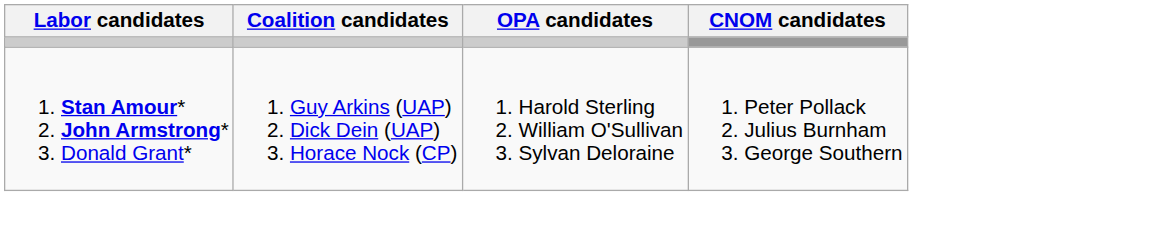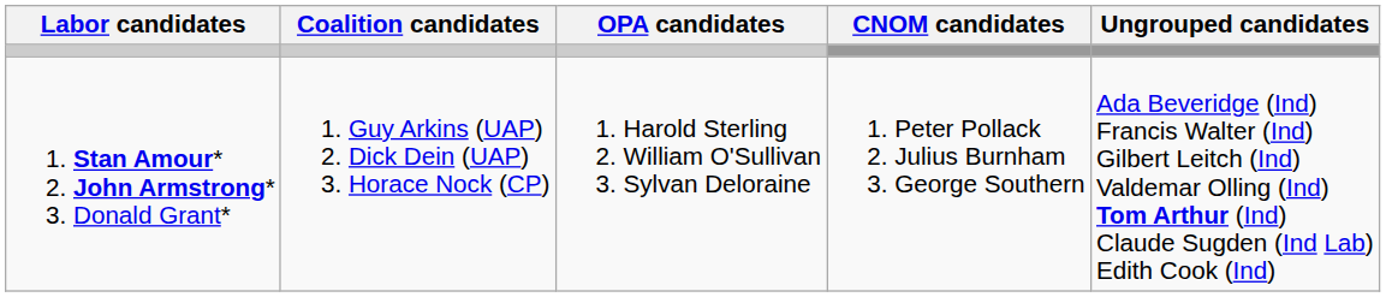 <table class="wikitable">
 <tr>
 <th><a href='#'>Labor</a> candidates</th>
 <th><a href='#'>Coalition</a> candidates</th>
 <th><a href='#'>OPA</a> candidates</th>
 <th><a href='#'>CNOM</a> candidates</th>
+<th>Ungrouped candidates</th>
 </tr>
 <tr bgcolor="#cccccc">
 <td></td>
 <td></td>
 <td></td>
+<td bgcolor="#999999"></td>
 <td bgcolor="#999999"></td>
 </tr>
 <tr>
 <td><br><ol><li><strong><a href='#'>Stan Amour</a></strong>*</li><li><strong><a href='#'>John Armstrong</a></strong>*</li><li><a href='#'>Donald Grant</a>*</li></ol></td>
 <td valign=top><br><ol><li><a href='#'>Guy Arkins</a> (<a href='#'>UAP</a>)</li><li><a href='#'>Dick Dein</a> (<a href='#'>UAP</a>)</li><li><a href='#'>Horace Nock</a> (<a href='#'>CP</a>)</li></ol></td>
 <td valign=top><br><ol><li>Harold Sterling</li><li>William O'Sullivan</li><li>Sylvan Deloraine</li></ol></td>
 <td valign=top><br><ol><li>Peter Pollack</li><li>Julius Burnham</li><li>George Southern</li></ol></td>
+<td valign=top><br><a href='#'>Ada Beveridge</a> (<a href='#'>Ind</a>)<br> Francis Walter (<a href='#'>Ind</a>)<br> Gilbert Leitch (<a href='#'>Ind</a>)<br> Valdemar Olling (<a href='#'>Ind</a>)<br> <strong><a href='#'>Tom Arthur</a></strong> (<a href='#'>Ind</a>)<br> Claude Sugden (<a href='#'>Ind</a> <a href='#'>Lab</a>)<br> Edith Cook (<a href='#'>Ind</a>)</td>
 </tr>
 </table>
